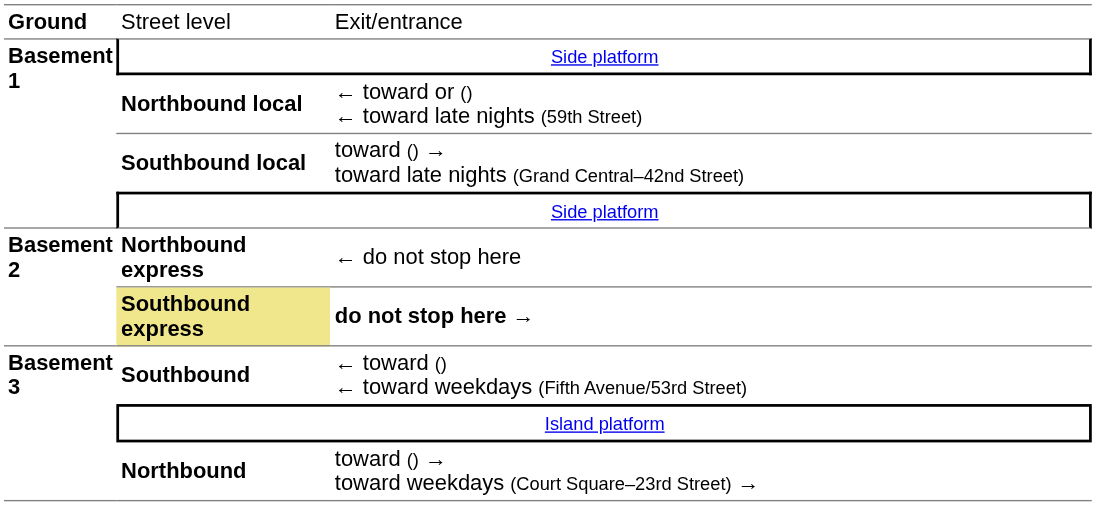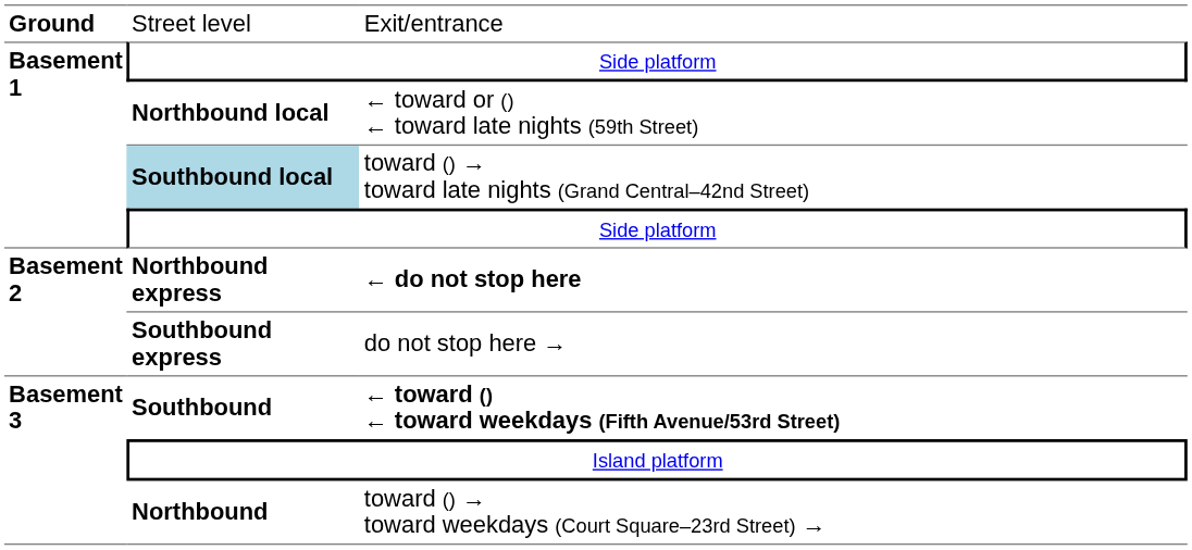 <table table border=0 cellspacing=0 cellpadding=3>
 <tr>
 <td style="border-top:solid 1px gray;" width=50><strong>Ground</strong></td>
 <td style="border-top:solid 1px gray;" width=150>Street level</td>
 <td style="border-top:solid 1px gray;" width=550>Exit/entrance<br></td>
 </tr>
 <tr>
 <td style="border-top:solid 1px gray;border-bottom:solid 1px gray;vertical-align:top;" rowspan=4><strong>Basement 1</strong></td>
 <td style="border-top:solid 1px gray;border-right:solid 2px black;border-left:solid 2px black;border-bottom:solid 2px black;text-align:center;" colspan=2><small><a href='#'>Side platform</a> </small></td>
 </tr>
 <tr>
 <td style="border-bottom:solid 1px gray;"><span><strong>Northbound local</strong></span></td>
 <td style="border-bottom:solid 1px gray;">←  toward  or  <small>()</small><br>←  toward  late nights <small>(59th Street)</small></td>
 </tr>
 <tr>
-<td><span><strong>Southbound local</strong></span></td>
+<td style="background: lightblue;"><span><strong>Southbound local</strong></span></td>
 <td>  toward  <small>()</small> →<br>  toward  late nights <small>(Grand Central–42nd Street)</small></td>
 </tr>
 <tr>
 <td style="border-bottom:solid 1px gray;border-top:solid 2px black;border-right:solid 2px black;border-left:solid 2px black;" align=center colspan=2><small><a href='#'>Side platform</a> </small></td>
 </tr>
 <tr>
 <td style="border-bottom:solid 1px gray;vertical-align:top;" rowspan=2><strong>Basement 2</strong></td>
 <td style="border-bottom:solid 1px gray;"><span><strong>Northbound express</strong></span></td>
-<td style="border-bottom:solid 1px gray;">←  do not stop here</td>
+<td style="border-bottom:solid 1px gray;"><strong>←  do not stop here</strong></td>
 </tr>
 <tr>
-<td style="background: khaki; border-bottom:solid 1px gray;"><span><strong>Southbound express</strong></span></td>
-<td style="border-bottom:solid 1px gray;"><strong>  do not stop here →</strong></td>
+<td style="border-bottom:solid 1px gray;"><span><strong>Southbound express</strong></span></td>
+<td style="border-bottom:solid 1px gray;">  do not stop here →</td>
 </tr>
 <tr>
 <td style="border-bottom:solid 1px gray;vertical-align:top;" rowspan=3><strong>Basement 3</strong></td>
 <td><strong>Southbound</strong></td>
-<td>←  toward  <small>()</small><br>←  toward  weekdays <small>(Fifth Avenue/53rd Street)</small></td>
+<td><strong>←  toward  <small>()</small><br>←  toward  weekdays <small>(Fifth Avenue/53rd Street)</small></strong></td>
 </tr>
 <tr>
 <td style="border-top:solid 2px black;border-right:solid 2px black;border-left:solid 2px black;border-bottom:solid 2px black;" align=center colspan=2><small><a href='#'>Island platform</a> </small></td>
 </tr>
 <tr>
 <td style="border-bottom:solid 1px gray;"><strong>Northbound</strong></td>
 <td style="border-bottom:solid 1px gray;">  toward  <small>()</small> →<br>  toward  weekdays <small>(Court Square–23rd Street)</small> →</td>
 </tr>
 </table>
